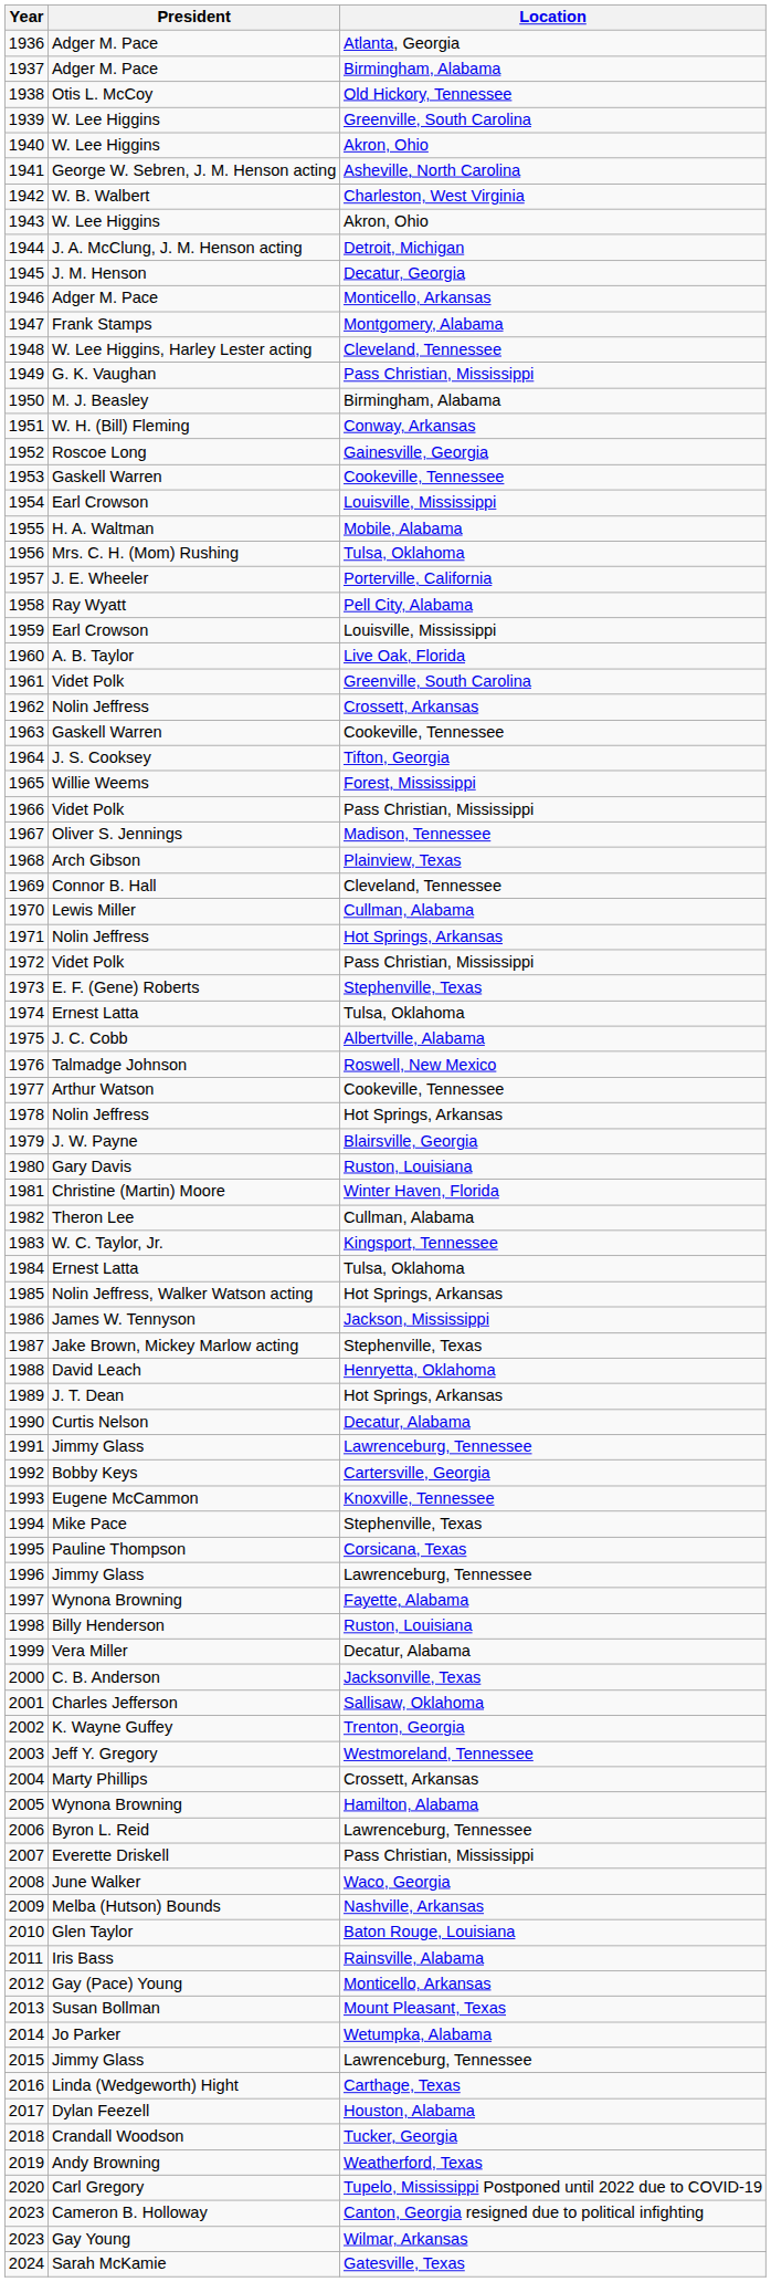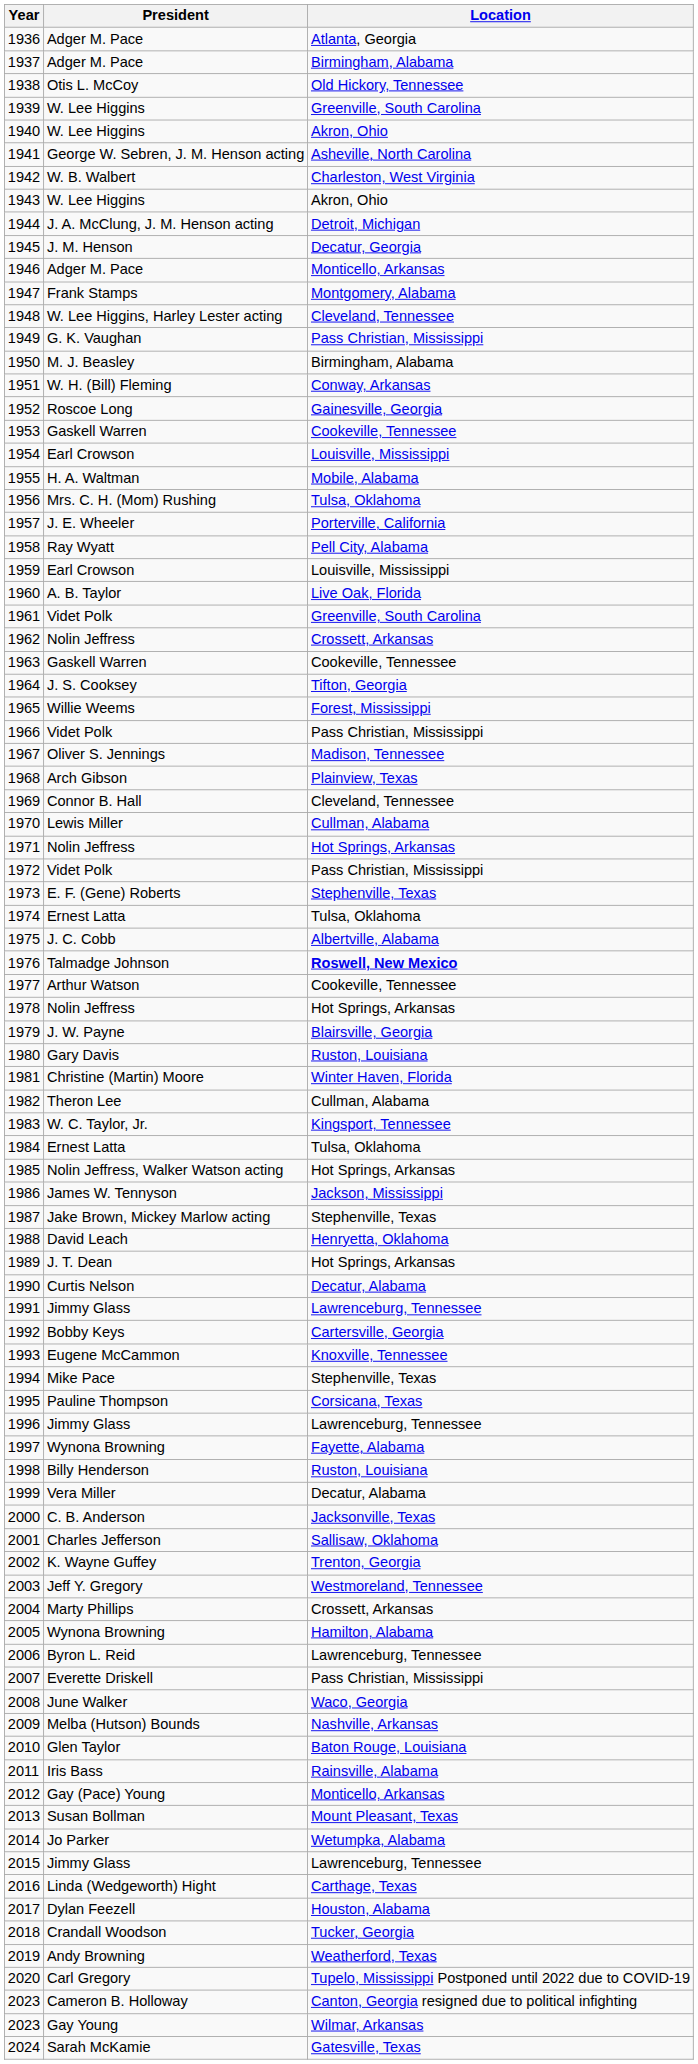 <table class="wikitable sortable" style="width: auto; text-align: left;">
 <tr>
 <th>Year</th>
 <th>President</th>
 <th><a href='#'>Location</a></th>
 </tr>
 <tr>
 <td>1936</td>
 <td>Adger M. Pace</td>
 <td><a href='#'>Atlanta</a>, Georgia</td>
 </tr>
 <tr>
 <td>1937</td>
 <td>Adger M. Pace</td>
 <td><a href='#'>Birmingham, Alabama</a></td>
 </tr>
 <tr>
 <td>1938</td>
 <td>Otis L. McCoy</td>
 <td><a href='#'>Old Hickory, Tennessee</a></td>
 </tr>
 <tr>
 <td>1939</td>
 <td>W. Lee Higgins</td>
 <td><a href='#'>Greenville, South Carolina</a></td>
 </tr>
 <tr>
 <td>1940</td>
 <td>W. Lee Higgins</td>
 <td><a href='#'>Akron, Ohio</a></td>
 </tr>
 <tr>
 <td>1941</td>
 <td>George W. Sebren, J. M. Henson acting</td>
 <td><a href='#'>Asheville, North Carolina</a></td>
 </tr>
 <tr>
 <td>1942</td>
 <td>W. B. Walbert</td>
 <td><a href='#'>Charleston, West Virginia</a></td>
 </tr>
 <tr>
 <td>1943</td>
 <td>W. Lee Higgins</td>
 <td>Akron, Ohio</td>
 </tr>
 <tr>
 <td>1944</td>
 <td>J. A. McClung, J. M. Henson acting</td>
 <td><a href='#'>Detroit, Michigan</a></td>
 </tr>
 <tr>
 <td>1945</td>
 <td>J. M. Henson</td>
 <td><a href='#'>Decatur, Georgia</a></td>
 </tr>
 <tr>
 <td>1946</td>
 <td>Adger M. Pace</td>
 <td><a href='#'>Monticello, Arkansas</a></td>
 </tr>
 <tr>
 <td>1947</td>
 <td>Frank Stamps</td>
 <td><a href='#'>Montgomery, Alabama</a></td>
 </tr>
 <tr>
 <td>1948</td>
 <td>W. Lee Higgins, Harley Lester acting</td>
 <td><a href='#'>Cleveland, Tennessee</a></td>
 </tr>
 <tr>
 <td>1949</td>
 <td>G. K. Vaughan</td>
 <td><a href='#'>Pass Christian, Mississippi</a></td>
 </tr>
 <tr>
 <td>1950</td>
 <td>M. J. Beasley</td>
 <td>Birmingham, Alabama</td>
 </tr>
 <tr>
 <td>1951</td>
 <td>W. H. (Bill) Fleming</td>
 <td><a href='#'>Conway, Arkansas</a></td>
 </tr>
 <tr>
 <td>1952</td>
 <td>Roscoe Long</td>
 <td><a href='#'>Gainesville, Georgia</a></td>
 </tr>
 <tr>
 <td>1953</td>
 <td>Gaskell Warren</td>
 <td><a href='#'>Cookeville, Tennessee</a></td>
 </tr>
 <tr>
 <td>1954</td>
 <td>Earl Crowson</td>
 <td><a href='#'>Louisville, Mississippi</a></td>
 </tr>
 <tr>
 <td>1955</td>
 <td>H. A. Waltman</td>
 <td><a href='#'>Mobile, Alabama</a></td>
 </tr>
 <tr>
 <td>1956</td>
 <td>Mrs. C. H. (Mom) Rushing</td>
 <td><a href='#'>Tulsa, Oklahoma</a></td>
 </tr>
 <tr>
 <td>1957</td>
 <td>J. E. Wheeler</td>
 <td><a href='#'>Porterville, California</a></td>
 </tr>
 <tr>
 <td>1958</td>
 <td>Ray Wyatt</td>
 <td><a href='#'>Pell City, Alabama</a></td>
 </tr>
 <tr>
 <td>1959</td>
 <td>Earl Crowson</td>
 <td>Louisville, Mississippi</td>
 </tr>
 <tr>
 <td>1960</td>
 <td>A. B. Taylor</td>
 <td><a href='#'>Live Oak, Florida</a></td>
 </tr>
 <tr>
 <td>1961</td>
 <td>Videt Polk</td>
 <td><a href='#'>Greenville, South Carolina</a></td>
 </tr>
 <tr>
 <td>1962</td>
 <td>Nolin Jeffress</td>
 <td><a href='#'>Crossett, Arkansas</a></td>
 </tr>
 <tr>
 <td>1963</td>
 <td>Gaskell Warren</td>
 <td>Cookeville, Tennessee</td>
 </tr>
 <tr>
 <td>1964</td>
 <td>J. S. Cooksey</td>
 <td><a href='#'>Tifton, Georgia</a></td>
 </tr>
 <tr>
 <td>1965</td>
 <td>Willie Weems</td>
 <td><a href='#'>Forest, Mississippi</a></td>
 </tr>
 <tr>
 <td>1966</td>
 <td>Videt Polk</td>
 <td>Pass Christian, Mississippi</td>
 </tr>
 <tr>
 <td>1967</td>
 <td>Oliver S. Jennings</td>
 <td><a href='#'>Madison, Tennessee</a></td>
 </tr>
 <tr>
 <td>1968</td>
 <td>Arch Gibson</td>
 <td><a href='#'>Plainview, Texas</a></td>
 </tr>
 <tr>
 <td>1969</td>
 <td>Connor B. Hall</td>
 <td>Cleveland, Tennessee</td>
 </tr>
 <tr>
 <td>1970</td>
 <td>Lewis Miller</td>
 <td><a href='#'>Cullman, Alabama</a></td>
 </tr>
 <tr>
 <td>1971</td>
 <td>Nolin Jeffress</td>
 <td><a href='#'>Hot Springs, Arkansas</a></td>
 </tr>
 <tr>
 <td>1972</td>
 <td>Videt Polk</td>
 <td>Pass Christian, Mississippi</td>
 </tr>
 <tr>
 <td>1973</td>
 <td>E. F. (Gene) Roberts</td>
 <td><a href='#'>Stephenville, Texas</a></td>
 </tr>
 <tr>
 <td>1974</td>
 <td>Ernest Latta</td>
 <td>Tulsa, Oklahoma</td>
 </tr>
 <tr>
 <td>1975</td>
 <td>J. C. Cobb</td>
 <td><a href='#'>Albertville, Alabama</a></td>
 </tr>
 <tr>
 <td>1976</td>
 <td>Talmadge Johnson</td>
-<td><a href='#'>Roswell, New Mexico</a></td>
+<td><strong><a href='#'>Roswell, New Mexico</a></strong></td>
 </tr>
 <tr>
 <td>1977</td>
 <td>Arthur Watson</td>
 <td>Cookeville, Tennessee</td>
 </tr>
 <tr>
 <td>1978</td>
 <td>Nolin Jeffress</td>
 <td>Hot Springs, Arkansas</td>
 </tr>
 <tr>
 <td>1979</td>
 <td>J. W. Payne</td>
 <td><a href='#'>Blairsville, Georgia</a></td>
 </tr>
 <tr>
 <td>1980</td>
 <td>Gary Davis</td>
 <td><a href='#'>Ruston, Louisiana</a></td>
 </tr>
 <tr>
 <td>1981</td>
 <td>Christine (Martin) Moore</td>
 <td><a href='#'>Winter Haven, Florida</a></td>
 </tr>
 <tr>
 <td>1982</td>
 <td>Theron Lee</td>
 <td>Cullman, Alabama</td>
 </tr>
 <tr>
 <td>1983</td>
 <td>W. C. Taylor, Jr.</td>
 <td><a href='#'>Kingsport, Tennessee</a></td>
 </tr>
 <tr>
 <td>1984</td>
 <td>Ernest Latta</td>
 <td>Tulsa, Oklahoma</td>
 </tr>
 <tr>
 <td>1985</td>
 <td>Nolin Jeffress, Walker Watson acting</td>
 <td>Hot Springs, Arkansas</td>
 </tr>
 <tr>
 <td>1986</td>
 <td>James W. Tennyson</td>
 <td><a href='#'>Jackson, Mississippi</a></td>
 </tr>
 <tr>
 <td>1987</td>
 <td>Jake Brown, Mickey Marlow acting</td>
 <td>Stephenville, Texas</td>
 </tr>
 <tr>
 <td>1988</td>
 <td>David Leach</td>
 <td><a href='#'>Henryetta, Oklahoma</a></td>
 </tr>
 <tr>
 <td>1989</td>
 <td>J. T. Dean</td>
 <td>Hot Springs, Arkansas</td>
 </tr>
 <tr>
 <td>1990</td>
 <td>Curtis Nelson</td>
 <td><a href='#'>Decatur, Alabama</a></td>
 </tr>
 <tr>
 <td>1991</td>
 <td>Jimmy Glass</td>
 <td><a href='#'>Lawrenceburg, Tennessee</a></td>
 </tr>
 <tr>
 <td>1992</td>
 <td>Bobby Keys</td>
 <td><a href='#'>Cartersville, Georgia</a></td>
 </tr>
 <tr>
 <td>1993</td>
 <td>Eugene McCammon</td>
 <td><a href='#'>Knoxville, Tennessee</a></td>
 </tr>
 <tr>
 <td>1994</td>
 <td>Mike Pace</td>
 <td>Stephenville, Texas</td>
 </tr>
 <tr>
 <td>1995</td>
 <td>Pauline Thompson</td>
 <td><a href='#'>Corsicana, Texas</a></td>
 </tr>
 <tr>
 <td>1996</td>
 <td>Jimmy Glass</td>
 <td>Lawrenceburg, Tennessee</td>
 </tr>
 <tr>
 <td>1997</td>
 <td>Wynona Browning</td>
 <td><a href='#'>Fayette, Alabama</a></td>
 </tr>
 <tr>
 <td>1998</td>
 <td>Billy Henderson</td>
 <td><a href='#'>Ruston, Louisiana</a></td>
 </tr>
 <tr>
 <td>1999</td>
 <td>Vera Miller</td>
 <td>Decatur, Alabama</td>
 </tr>
 <tr>
 <td>2000</td>
 <td>C. B. Anderson</td>
 <td><a href='#'>Jacksonville, Texas</a></td>
 </tr>
 <tr>
 <td>2001</td>
 <td>Charles Jefferson</td>
 <td><a href='#'>Sallisaw, Oklahoma</a></td>
 </tr>
 <tr>
 <td>2002</td>
 <td>K. Wayne Guffey</td>
 <td><a href='#'>Trenton, Georgia</a></td>
 </tr>
 <tr>
 <td>2003</td>
 <td>Jeff Y. Gregory</td>
 <td><a href='#'>Westmoreland, Tennessee</a></td>
 </tr>
 <tr>
 <td>2004</td>
 <td>Marty Phillips</td>
 <td>Crossett, Arkansas</td>
 </tr>
 <tr>
 <td>2005</td>
 <td>Wynona Browning</td>
 <td><a href='#'>Hamilton, Alabama</a></td>
 </tr>
 <tr>
 <td>2006</td>
 <td>Byron L. Reid</td>
 <td>Lawrenceburg, Tennessee</td>
 </tr>
 <tr>
 <td>2007</td>
 <td>Everette Driskell</td>
 <td>Pass Christian, Mississippi</td>
 </tr>
 <tr>
 <td>2008</td>
 <td>June Walker</td>
 <td><a href='#'>Waco, Georgia</a></td>
 </tr>
 <tr>
 <td>2009</td>
 <td>Melba (Hutson) Bounds</td>
 <td><a href='#'>Nashville, Arkansas</a></td>
 </tr>
 <tr>
 <td>2010</td>
 <td>Glen Taylor</td>
 <td><a href='#'>Baton Rouge, Louisiana</a></td>
 </tr>
 <tr>
 <td>2011</td>
 <td>Iris Bass</td>
 <td><a href='#'>Rainsville, Alabama</a></td>
 </tr>
 <tr>
 <td>2012</td>
 <td>Gay (Pace) Young</td>
 <td><a href='#'>Monticello, Arkansas</a></td>
 </tr>
 <tr>
 <td>2013</td>
 <td>Susan Bollman</td>
 <td><a href='#'>Mount Pleasant, Texas</a></td>
 </tr>
 <tr>
 <td>2014</td>
 <td>Jo Parker</td>
 <td><a href='#'>Wetumpka, Alabama</a></td>
 </tr>
 <tr>
 <td>2015</td>
 <td>Jimmy Glass</td>
 <td>Lawrenceburg, Tennessee</td>
 </tr>
 <tr>
 <td>2016</td>
 <td>Linda (Wedgeworth) Hight</td>
 <td><a href='#'>Carthage, Texas</a></td>
 </tr>
 <tr>
 <td>2017</td>
 <td>Dylan Feezell</td>
 <td><a href='#'>Houston, Alabama</a></td>
 </tr>
 <tr>
 <td>2018</td>
 <td>Crandall Woodson</td>
 <td><a href='#'>Tucker, Georgia</a></td>
 </tr>
 <tr>
 <td>2019</td>
 <td>Andy Browning</td>
 <td><a href='#'>Weatherford, Texas</a></td>
 </tr>
 <tr>
 <td>2020</td>
 <td>Carl Gregory</td>
 <td><a href='#'>Tupelo, Mississippi</a> Postponed until 2022 due to COVID-19</td>
 </tr>
 <tr>
 <td>2023</td>
 <td>Cameron B. Holloway</td>
 <td><a href='#'>Canton, Georgia</a> resigned due to political infighting</td>
 </tr>
 <tr>
 <td>2023</td>
 <td>Gay Young</td>
 <td><a href='#'>Wilmar, Arkansas</a></td>
 </tr>
 <tr>
 <td>2024</td>
 <td>Sarah McKamie</td>
 <td><a href='#'>Gatesville, Texas</a></td>
 </tr>
 </table>
